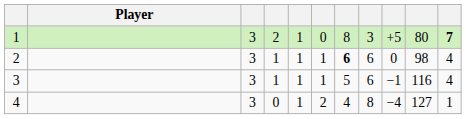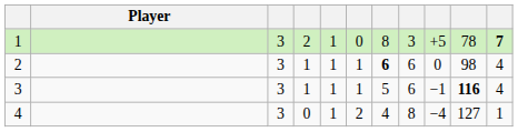 <table class="wikitable" style="text-align:center; margin: 1em auto 1em auto, align:left">
 <tr>
 <th width=20></th>
 <th width=240>Player</th>
 <th width=20></th>
 <th width=20></th>
 <th width=20></th>
 <th width=20></th>
 <th width=20></th>
 <th width=20></th>
 <th width=20></th>
 <th width=30></th>
 <th width=20></th>
 </tr>
 <tr style="background:#D0F0C0;">
 <td>1</td>
 <td align=left></td>
 <td>3</td>
 <td>2</td>
 <td>1</td>
 <td>0</td>
 <td>8</td>
 <td>3</td>
 <td>+5</td>
-<td>80</td>
+<td>78</td>
 <td><strong>7</strong></td>
 </tr>
 <tr style=>
 <td>2</td>
 <td align=left></td>
 <td>3</td>
 <td>1</td>
 <td>1</td>
 <td>1</td>
 <td><strong>6</strong></td>
 <td>6</td>
 <td>0</td>
 <td>98</td>
 <td>4</td>
 </tr>
 <tr style=>
 <td>3</td>
 <td align=left></td>
 <td>3</td>
 <td>1</td>
 <td>1</td>
 <td>1</td>
 <td>5</td>
 <td>6</td>
 <td>−1</td>
-<td>116</td>
+<td><strong>116</strong></td>
 <td>4</td>
 </tr>
 <tr style=>
 <td>4</td>
 <td align=left></td>
 <td>3</td>
 <td>0</td>
 <td>1</td>
 <td>2</td>
 <td>4</td>
 <td>8</td>
 <td>−4</td>
 <td>127</td>
 <td>1</td>
 </tr>
 </table>
